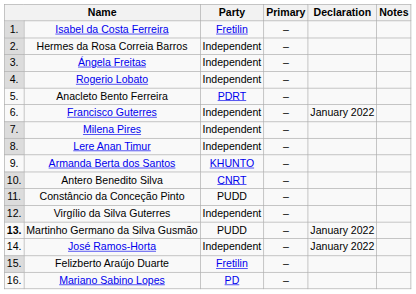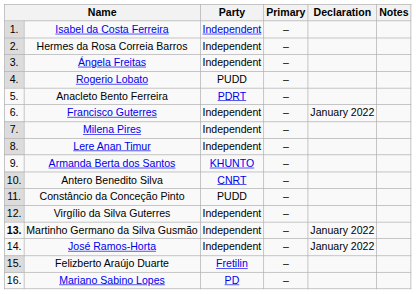 <table class="wikitable sortable" style=text-align:center>
 <tr>
 <th colspan="2">Name</th>
 <th>Party</th>
 <th>Primary</th>
 <th>Declaration</th>
 <th>Notes</th>
 </tr>
 <tr>
 <td bgcolor=#DCDCDC>1.</td>
 <td><a href='#'>Isabel da Costa Ferreira</a></td>
-<td><a href='#'>Fretilin</a></td>
+<td><a href='#'>Independent</a></td>
 <td>–</td>
 <td></td>
 <td></td>
 </tr>
 <tr>
 <td bgcolor=#DCDCDC>2.</td>
 <td>Hermes da Rosa Correia Barros</td>
 <td>Independent</td>
 <td>–</td>
 <td></td>
 <td></td>
 </tr>
 <tr>
 <td bgcolor=#DCDCDC>3.</td>
 <td><a href='#'>Ángela Freitas</a></td>
 <td>Independent</td>
 <td>–</td>
 <td></td>
 <td></td>
 </tr>
 <tr>
 <td bgcolor=#DCDCDC>4.</td>
 <td><a href='#'>Rogerio Lobato</a></td>
-<td>Independent</td>
+<td>PUDD</td>
 <td>–</td>
 <td></td>
 <td></td>
 </tr>
 <tr>
 <td style="background:">5.</td>
 <td>Anacleto Bento Ferreira</td>
 <td><a href='#'>PDRT</a></td>
 <td>–</td>
 <td></td>
 <td></td>
 </tr>
 <tr>
 <td style="background:">6.</td>
 <td><a href='#'>Francisco Guterres</a></td>
 <td>Independent</td>
 <td>–</td>
 <td>January 2022</td>
 <td></td>
 </tr>
 <tr>
 <td bgcolor=#DCDCDC>7.</td>
 <td><a href='#'>Milena Pires</a></td>
 <td>Independent</td>
 <td>–</td>
 <td></td>
 <td></td>
 </tr>
 <tr>
 <td bgcolor=#DCDCDC>8.</td>
 <td><a href='#'>Lere Anan Timur</a></td>
 <td>Independent</td>
 <td>–</td>
 <td></td>
 <td></td>
 </tr>
 <tr>
 <td style="background:">9.</td>
 <td><a href='#'>Armanda Berta dos Santos</a></td>
 <td><a href='#'>KHUNTO</a></td>
 <td>–</td>
 <td></td>
 <td></td>
 </tr>
 <tr>
 <td bgcolor=#DCDCDC>10.</td>
 <td>Antero Benedito Silva</td>
 <td><a href='#'>CNRT</a></td>
 <td>–</td>
 <td></td>
 <td></td>
 </tr>
 <tr>
 <td bgcolor=#DCDCDC>11.</td>
 <td>Constâncio da Conceção Pinto</td>
 <td>PUDD</td>
 <td>–</td>
 <td></td>
 <td></td>
 </tr>
 <tr>
 <td bgcolor=#DCDCDC>12.</td>
 <td>Virgílio da Silva Guterres</td>
 <td>Independent</td>
 <td>–</td>
 <td></td>
 <td></td>
 </tr>
 <tr>
 <td style="background:"><strong>13.</strong></td>
 <td>Martinho Germano da Silva Gusmão</td>
-<td>PUDD</td>
+<td>Independent</td>
 <td>–</td>
 <td>January 2022</td>
 <td></td>
 </tr>
 <tr>
 <td style="background:">14.</td>
 <td><a href='#'>José Ramos-Horta</a></td>
 <td>Independent</td>
 <td>–</td>
 <td>January 2022</td>
 <td></td>
 </tr>
 <tr>
 <td bgcolor=#DCDCDC>15.</td>
 <td>Felizberto Araújo Duarte</td>
 <td><a href='#'>Fretilin</a></td>
 <td>–</td>
 <td></td>
 <td></td>
 </tr>
 <tr>
 <td style="background:">16.</td>
 <td><a href='#'>Mariano Sabino Lopes</a></td>
 <td><a href='#'>PD</a></td>
 <td>–</td>
 <td></td>
 <td></td>
 </tr>
 </table>
